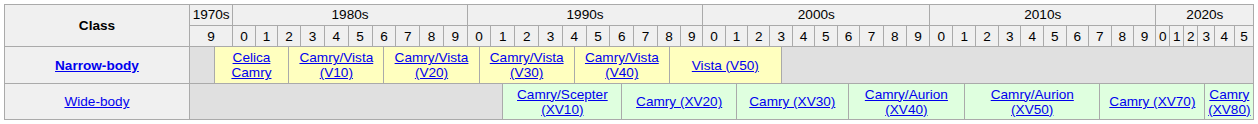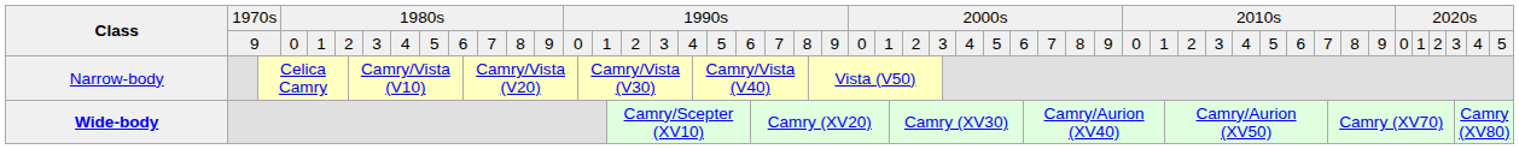 <table class = "wikitable"style="text-align:center; font-size:85%;">
 <tr style="background:#F0F0F0;">
 <td rowspan = 2 width = 18%><strong>Class</strong></td>
 <td colspan = 2 width = 2%>1970s</td>
 <td colspan = 20 width = 20%>1980s</td>
 <td colspan = 20 width = 20%>1990s</td>
 <td colspan = 20 width = 20%>2000s</td>
 <td colspan = 20 width = 20%>2010s</td>
 <td colspan = 20 width = 20%>2020s</td>
 </tr>
 <tr style="background:#F0F0F0;">
 <td colspan = 2 width = 2%>9</td>
 <td colspan = 2 width = 2%>0</td>
 <td colspan = 2 width = 2%>1</td>
 <td colspan = 2 width = 2%>2</td>
 <td colspan = 2 width = 2%>3</td>
 <td colspan = 2 width = 2%>4</td>
 <td colspan = 2 width = 2%>5</td>
 <td colspan = 2 width = 2%>6</td>
 <td colspan = 2 width = 2%>7</td>
 <td colspan = 2 width = 2%>8</td>
 <td colspan = 2 width = 2%>9</td>
 <td colspan = 2 width = 2%>0</td>
 <td colspan = 2 width = 2%>1</td>
 <td colspan = 2 width = 2%>2</td>
 <td colspan = 2 width = 2%>3</td>
 <td colspan = 2 width = 2%>4</td>
 <td colspan = 2 width = 2%>5</td>
 <td colspan = 2 width = 2%>6</td>
 <td colspan = 2 width = 2%>7</td>
 <td colspan = 2 width = 2%>8</td>
 <td colspan = 2 width = 2%>9</td>
 <td colspan = 2 width = 2%>0</td>
 <td colspan = 2 width = 2%>1</td>
 <td colspan = 2 width = 2%>2</td>
 <td colspan = 2 width = 2%>3</td>
 <td colspan = 2 width = 2%>4</td>
 <td colspan = 2 width = 2%>5</td>
 <td colspan = 2 width = 2%>6</td>
 <td colspan = 2 width = 2%>7</td>
 <td colspan = 2 width = 2%>8</td>
 <td colspan = 2 width = 2%>9</td>
 <td colspan = 2 width = 2%>0</td>
 <td colspan = 2 width = 2%>1</td>
 <td colspan = 2 width = 2%>2</td>
 <td colspan = 2 width = 2%>3</td>
 <td colspan = 2 width = 2%>4</td>
 <td colspan = 2 width = 2%>5</td>
 <td colspan = 2 width = 2%>6</td>
 <td colspan = 2 width = 2%>7</td>
 <td colspan = 2 width = 2%>8</td>
 <td colspan = 2 width = 2%>9</td>
 <td colspan = 2 width = 2%>0</td>
 <td colspan = 2 width = 2%>1</td>
 <td colspan = 2 width = 2%>2</td>
 <td colspan = 2 width = 2%>3</td>
 <td colspan = 2 width = 2%>4</td>
 <td colspan = 2 width = 2%>5</td>
 </tr>
 <tr style="background:#E0E0E0;">
-<td style="background:#F0F0F0;"><strong><a href='#'>Narrow-body</a></strong></td>
+<td style="background:#F0F0F0;"><a href='#'>Narrow-body</a></td>
 <td colspan = 1 width = 1%></td>
 <td colspan = 6 style="background:#ffffbf;"><a href='#'>Celica Camry</a></td>
 <td colspan = 8 style="background:#ffffbf;"><a href='#'>Camry/Vista (V10)</a></td>
 <td colspan = 8 style="background:#ffffbf;"><a href='#'>Camry/Vista (V20)</a></td>
 <td colspan = 8 style="background:#ffffbf;"><a href='#'>Camry/Vista (V30)</a></td>
 <td colspan = 8 style="background:#ffffbf;"><a href='#'>Camry/Vista (V40)</a></td>
 <td colspan = 10 style="background:#ffffbf;"><a href='#'>Vista (V50)</a></td>
 <td colspan = 44></td>
 </tr>
 <tr style="background:#E0E0E0;">
-<td style="background:#F0F0F0;"><a href='#'>Wide-body</a></td>
+<td style="background:#F0F0F0;"><strong><a href='#'>Wide-body</a></strong></td>
 <td colspan = 25></td>
 <td colspan = 10 style="background:#dfffdf;"><a href='#'>Camry/Scepter (XV10)</a></td>
 <td colspan = 10 style="background:#dfffdf;"><a href='#'>Camry (XV20)</a></td>
 <td colspan = 10 style="background:#dfffdf;"><a href='#'>Camry (XV30)</a></td>
 <td colspan = 10 style="background:#dfffdf;"><a href='#'>Camry/Aurion (XV40)</a></td>
 <td colspan = 12 style="background:#dfffdf;"><a href='#'>Camry/Aurion (XV50)</a></td>
 <td colspan = 12 style="background:#dfffdf;"><a href='#'>Camry (XV70)</a></td>
 <td colspan = 4 style="background:#dfffdf;"><a href='#'>Camry (XV80)</a></td>
 </tr>
 </table>
